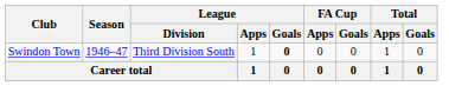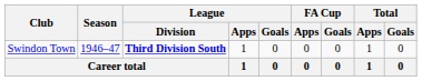 <table class="wikitable" style="text-align: center;">
 <tr>
 <th rowspan="2">Club</th>
 <th rowspan="2">Season</th>
 <th colspan="3">League</th>
 <th colspan="2">FA Cup</th>
 <th colspan="2">Total</th>
 </tr>
 <tr>
 <th>Division</th>
 <th>Apps</th>
 <th>Goals</th>
 <th>Apps</th>
 <th>Goals</th>
 <th>Apps</th>
 <th>Goals</th>
 </tr>
 <tr>
 <td><a href='#'>Swindon Town</a></td>
 <td><a href='#'>1946–47</a></td>
-<td><a href='#'>Third Division South</a></td>
+<td><strong><a href='#'>Third Division South</a></strong></td>
 <td>1</td>
-<td><strong>0</strong></td>
+<td>0</td>
 <td>0</td>
 <td>0</td>
 <td>1</td>
 <td>0</td>
 </tr>
 <tr>
 <th colspan="3">Career total</th>
 <th>1</th>
 <th>0</th>
 <th>0</th>
 <th>0</th>
 <th>1</th>
 <th>0</th>
 </tr>
 </table>
